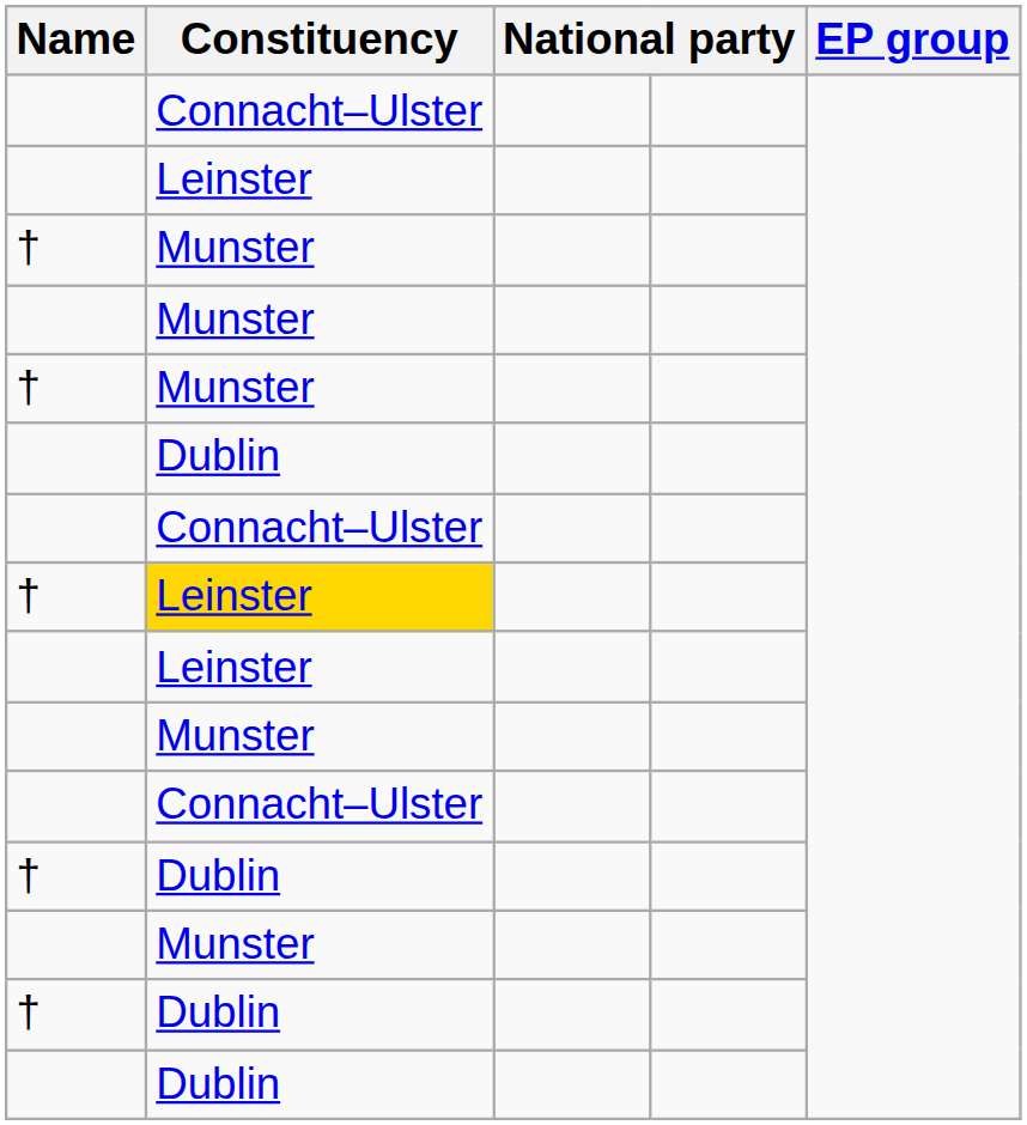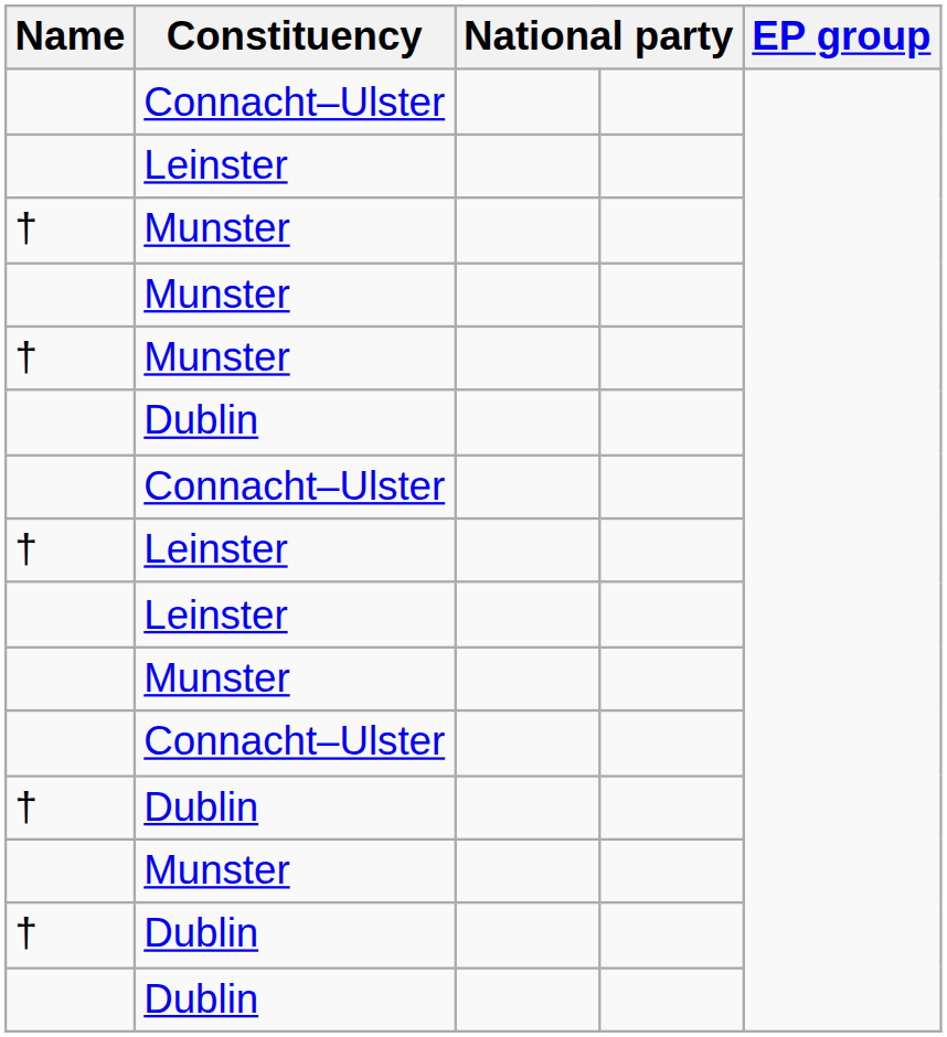 <table class="wikitable sortable">
 <tr>
 <th>Name</th>
 <th>Constituency</th>
 <th colspan=2>National party</th>
 <th colspan=2><a href='#'>EP group</a></th>
 </tr>
 <tr>
 <td></td>
 <td><a href='#'>Connacht–Ulster</a></td>
 <td></td>
 <td></td>
 </tr>
 <tr>
 <td></td>
 <td><a href='#'>Leinster</a></td>
 <td></td>
 <td></td>
 </tr>
 <tr>
 <td>†</td>
 <td><a href='#'>Munster</a></td>
 <td></td>
 <td></td>
 </tr>
 <tr>
 <td></td>
 <td><a href='#'>Munster</a></td>
 <td></td>
 <td></td>
 </tr>
 <tr>
 <td>†</td>
 <td><a href='#'>Munster</a></td>
 <td></td>
 <td></td>
 </tr>
 <tr>
 <td></td>
 <td><a href='#'>Dublin</a></td>
 <td></td>
 <td></td>
 </tr>
 <tr>
 <td></td>
 <td><a href='#'>Connacht–Ulster</a></td>
 <td></td>
 <td></td>
 </tr>
 <tr>
 <td>†</td>
-<td style="background: gold;"><a href='#'>Leinster</a></td>
+<td><a href='#'>Leinster</a></td>
 <td></td>
 <td></td>
 </tr>
 <tr>
 <td></td>
 <td><a href='#'>Leinster</a></td>
 <td></td>
 <td></td>
 </tr>
 <tr>
 <td></td>
 <td><a href='#'>Munster</a></td>
 <td></td>
 <td></td>
 </tr>
 <tr>
 <td></td>
 <td><a href='#'>Connacht–Ulster</a></td>
 <td></td>
 <td></td>
 </tr>
 <tr>
 <td>†</td>
 <td><a href='#'>Dublin</a></td>
 <td></td>
 <td></td>
 </tr>
 <tr>
 <td></td>
 <td><a href='#'>Munster</a></td>
 <td></td>
 <td></td>
 </tr>
 <tr>
 <td>†</td>
 <td><a href='#'>Dublin</a></td>
 <td></td>
 <td></td>
 </tr>
 <tr>
 <td></td>
 <td><a href='#'>Dublin</a></td>
 <td></td>
 <td></td>
 </tr>
 </table>
